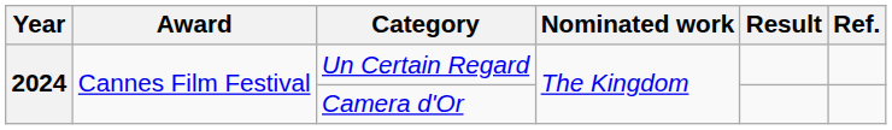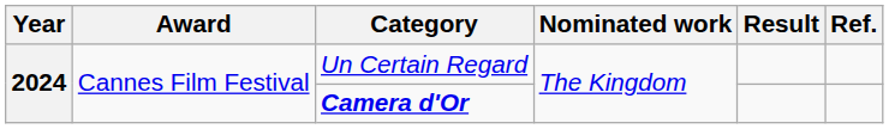 <table class="wikitable plainrowheaders sortable">
 <tr>
 <th scope="col">Year</th>
 <th scope="col">Award</th>
 <th scope="col">Category</th>
 <th scope="col">Nominated work</th>
 <th scope="col">Result</th>
 <th scope="col">Ref.</th>
 </tr>
 <tr>
 <th scope="row" rowspan="2">2024</th>
 <td rowspan="2"><a href='#'>Cannes Film Festival</a></td>
 <td><em><a href='#'>Un Certain Regard</a></em></td>
 <td rowspan="2"><em><a href='#'>The Kingdom</a></em></td>
 <td></td>
 <td align="center"></td>
 </tr>
 <tr>
-<td><em><a href='#'>Camera d'Or</a></em></td>
+<td><strong><em><a href='#'>Camera d'Or</a></em></strong></td>
 <td></td>
 <td align="center"></td>
 </tr>
 </table>
